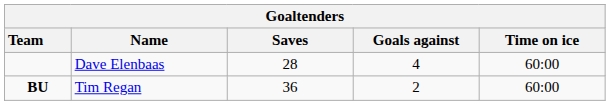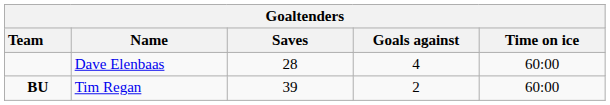 <table class="wikitable" style="width:40em; text-align:right;">
 <tr>
 <th colspan=5>Goaltenders</th>
 </tr>
 <tr>
 <th style="width:4em; text-align:left;">Team</th>
 <th style="width:10em;">Name</th>
 <th style="width:8em;">Saves</th>
 <th style="width:8em;">Goals against</th>
 <th style="width:8em;">Time on ice</th>
 </tr>
 <tr>
 <td style="text-align:center; "><strong></strong></td>
 <td style="text-align:left;"><a href='#'>Dave Elenbaas</a></td>
 <td align=center>28</td>
 <td align=center>4</td>
 <td align=center>60:00</td>
 </tr>
 <tr>
 <td align=center><strong>BU</strong></td>
 <td style="text-align:left;"><a href='#'>Tim Regan</a></td>
-<td align=center>36</td>
+<td align=center>39</td>
 <td align=center>2</td>
 <td align=center>60:00</td>
 </tr>
 </table>
